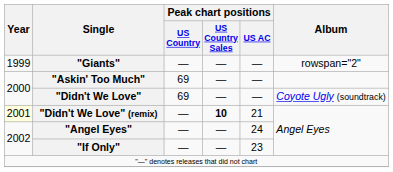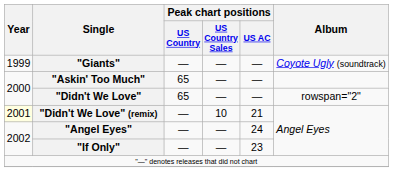 <table class="wikitable plainrowheaders" style="text-align:center;">
 <tr>
 <th rowspan="2">Year</th>
 <th rowspan="2" style="width:12em;">Single</th>
 <th colspan="3">Peak chart positions</th>
 <th rowspan="2">Album</th>
 </tr>
 <tr style="font-size:smaller;">
 <th width="45"><a href='#'>US Country</a><br></th>
 <th width="45"><a href='#'>US Country Sales</a><br></th>
 <th width="45"><a href='#'>US AC</a><br></th>
 </tr>
 <tr>
 <td>1999</td>
 <th scope="row">"Giants"</th>
 <td>—</td>
 <td>—</td>
 <td>—</td>
-<td>rowspan="2" </td>
+<td align="left"><em><a href='#'>Coyote Ugly</a></em> <small>(soundtrack)</small></td>
 </tr>
 <tr>
 <td rowspan="2">2000</td>
 <th scope="row">"Askin' Too Much"</th>
-<td>69</td>
+<td>65</td>
 <td>—</td>
 <td>—</td>
 </tr>
 <tr>
 <th scope="row">"Didn't We Love"</th>
-<td>69</td>
+<td>65</td>
 <td>—</td>
 <td>—</td>
-<td align="left"><em><a href='#'>Coyote Ugly</a></em> <small>(soundtrack)</small></td>
+<td>rowspan="2" </td>
 </tr>
 <tr>
 <td style="background: lightyellow;">2001</td>
 <th scope="row">"Didn't We Love" <small>(remix)</small></th>
 <td>—</td>
-<td><strong>10</strong></td>
+<td>10</td>
 <td>21</td>
 <td align="left" rowspan="3"><em>Angel Eyes</em></td>
 </tr>
 <tr>
 <td rowspan="2">2002</td>
 <th scope="row">"Angel Eyes"</th>
 <td>—</td>
 <td>—</td>
 <td>24</td>
 </tr>
 <tr>
 <th scope="row">"If Only"</th>
 <td>—</td>
 <td>—</td>
 <td>23</td>
 </tr>
 <tr>
 <td colspan="6" style="font-size:8pt">"—" denotes releases that did not chart</td>
 </tr>
 <tr>
 </tr>
 </table>
